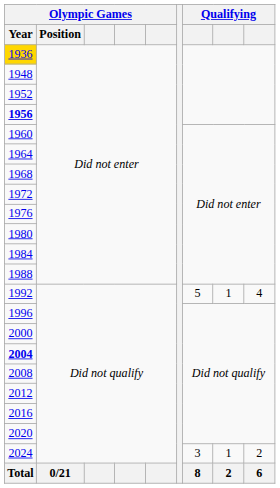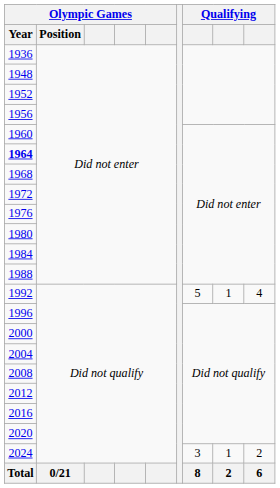 <table class="wikitable" style="text-align: center;font-size:90%;">
 <tr>
 <th colspan=5><a href='#'>Olympic Games</a></th>
 <th rowspan=24></th>
 <th colspan=3><a href='#'>Qualifying</a></th>
 </tr>
 <tr>
 <th>Year</th>
 <th>Position</th>
 <th width=30></th>
 <th width=30></th>
 <th width=30></th>
 <th width=30></th>
 <th width=30></th>
 <th width=30></th>
 </tr>
 <tr>
-<td style="background: gold;"> <a href='#'>1936</a></td>
+<td> <a href='#'>1936</a></td>
 <td colspan=4 rowspan=12><em>Did not enter</em></td>
 </tr>
 <tr>
 <td> <a href='#'>1948</a></td>
 </tr>
 <tr>
 <td> <a href='#'>1952</a></td>
 </tr>
 <tr>
-<td><strong> <a href='#'>1956</a></strong></td>
+<td> <a href='#'>1956</a></td>
 </tr>
 <tr>
 <td> <a href='#'>1960</a></td>
 <td colspan=3 rowspan=8><em>Did not enter</em></td>
 </tr>
 <tr>
-<td> <a href='#'>1964</a></td>
+<td><strong> <a href='#'>1964</a></strong></td>
 </tr>
 <tr>
 <td> <a href='#'>1968</a></td>
 </tr>
 <tr>
 <td> <a href='#'>1972</a></td>
 </tr>
 <tr>
 <td> <a href='#'>1976</a></td>
 </tr>
 <tr>
 <td> <a href='#'>1980</a></td>
 </tr>
 <tr>
 <td> <a href='#'>1984</a></td>
 </tr>
 <tr>
 <td> <a href='#'>1988</a></td>
 </tr>
 <tr>
 <td> <a href='#'>1992</a></td>
 <td colspan=4 rowspan=9><em>Did not qualify</em></td>
 <td>5</td>
 <td>1</td>
 <td>4</td>
 </tr>
 <tr>
 <td> <a href='#'>1996</a></td>
 <td colspan=3 rowspan=7><em>Did not qualify</em></td>
 </tr>
 <tr>
 <td> <a href='#'>2000</a></td>
 </tr>
 <tr>
-<td><strong> <a href='#'>2004</a></strong></td>
+<td> <a href='#'>2004</a></td>
 </tr>
 <tr>
 <td> <a href='#'>2008</a></td>
 </tr>
 <tr>
 <td> <a href='#'>2012</a></td>
 </tr>
 <tr>
 <td> <a href='#'>2016</a></td>
 </tr>
 <tr>
 <td> <a href='#'>2020</a></td>
 </tr>
 <tr>
 <td> <a href='#'>2024</a></td>
 <td>3</td>
 <td>1</td>
 <td>2</td>
 </tr>
 <tr>
 <th>Total</th>
 <th>0/21</th>
 <th></th>
 <th></th>
 <th></th>
 <th>8</th>
 <th>2</th>
 <th>6</th>
 </tr>
 </table>
